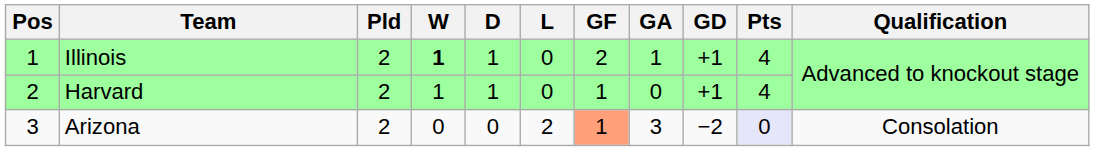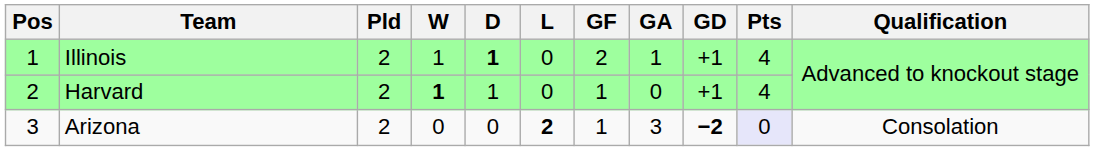 <table class="wikitable" style="text-align:center; margin: 1em auto">
 <tr>
 <th style="width:2em">Pos</th>
 <th style="width:13em">Team</th>
 <th style="width:2em">Pld</th>
 <th style="width:2em">W</th>
 <th style="width:2em">D</th>
 <th style="width:2em">L</th>
 <th style="width:2em">GF</th>
 <th style="width:2em">GA</th>
 <th style="width:2em">GD</th>
 <th style="width:2em">Pts</th>
 <th style="width:13em">Qualification</th>
 </tr>
 <tr bgcolor="#9eff9e">
 <td>1</td>
 <td style="text-align:left">Illinois</td>
 <td>2</td>
+<td>1</td>
 <td><strong>1</strong></td>
-<td>1</td>
 <td>0</td>
 <td>2</td>
 <td>1</td>
 <td>+1</td>
 <td>4</td>
 <td rowspan="2">Advanced to knockout stage</td>
 </tr>
 <tr bgcolor="#9eff9e">
 <td>2</td>
 <td style="text-align:left">Harvard</td>
 <td>2</td>
-<td>1</td>
+<td><strong>1</strong></td>
 <td>1</td>
 <td>0</td>
 <td>1</td>
 <td>0</td>
 <td>+1</td>
 <td>4</td>
 </tr>
 <tr>
 <td>3</td>
 <td style="text-align:left">Arizona</td>
 <td>2</td>
 <td>0</td>
 <td>0</td>
-<td>2</td>
-<td style="background: lightsalmon;">1</td>
+<td><strong>2</strong></td>
+<td>1</td>
 <td>3</td>
-<td>−2</td>
+<td><strong>−2</strong></td>
 <td style="background: lavender;">0</td>
 <td>Consolation</td>
 </tr>
 </table>
